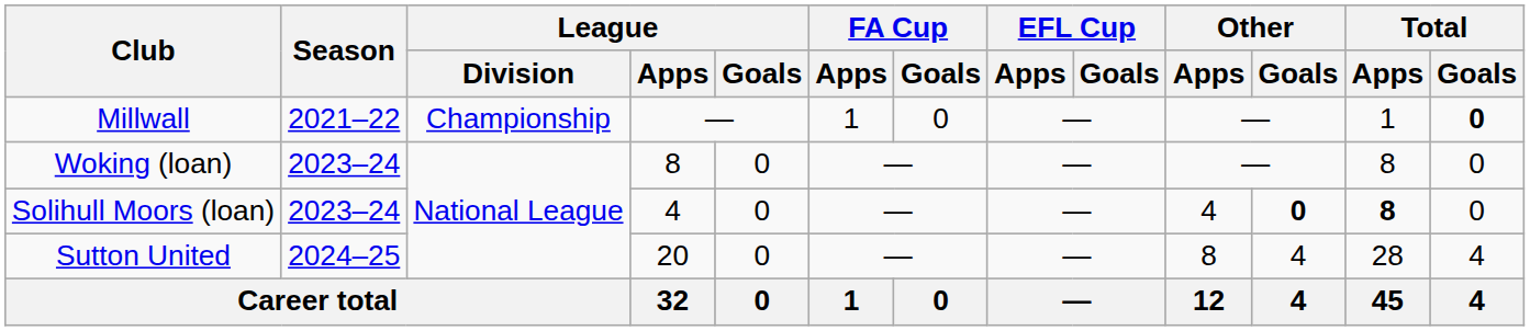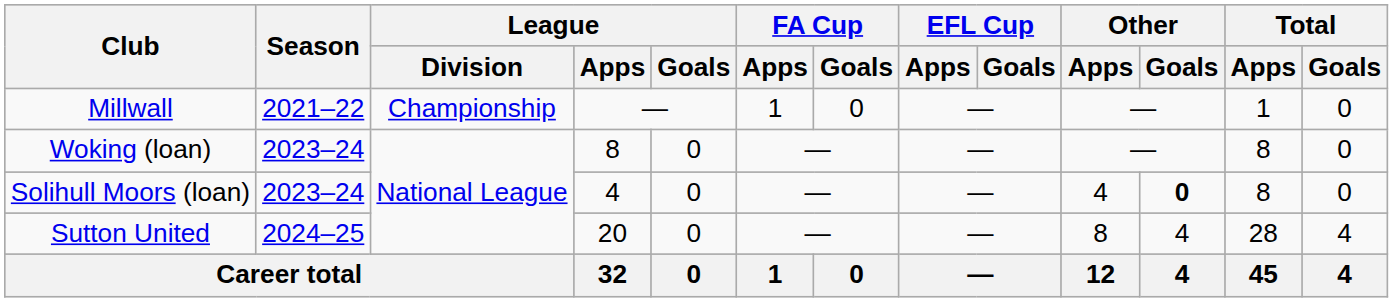 <table class=wikitable style=text-align:center>
 <tr>
 <th rowspan=2>Club</th>
 <th rowspan=2>Season</th>
 <th colspan=3>League</th>
 <th colspan=2><a href='#'>FA Cup</a></th>
 <th colspan=2><a href='#'>EFL Cup</a></th>
 <th colspan=2>Other</th>
 <th colspan=2>Total</th>
 </tr>
 <tr>
 <th>Division</th>
 <th>Apps</th>
 <th>Goals</th>
 <th>Apps</th>
 <th>Goals</th>
 <th>Apps</th>
 <th>Goals</th>
 <th>Apps</th>
 <th>Goals</th>
 <th>Apps</th>
 <th>Goals</th>
 </tr>
 <tr>
 <td><a href='#'>Millwall</a></td>
 <td><a href='#'>2021–22</a></td>
 <td><a href='#'>Championship</a></td>
 <td colspan="2">—</td>
 <td>1</td>
 <td>0</td>
 <td colspan="2">—</td>
 <td colspan="2">—</td>
 <td>1</td>
-<td><strong>0</strong></td>
+<td>0</td>
 </tr>
 <tr>
 <td><a href='#'>Woking</a> (loan)</td>
 <td><a href='#'>2023–24</a></td>
 <td rowspan="3"><a href='#'>National League</a></td>
 <td>8</td>
 <td>0</td>
 <td colspan="2">—</td>
 <td colspan="2">—</td>
 <td colspan="2">—</td>
 <td>8</td>
 <td>0</td>
 </tr>
 <tr>
 <td><a href='#'>Solihull Moors</a> (loan)</td>
 <td><a href='#'>2023–24</a></td>
 <td>4</td>
 <td>0</td>
 <td colspan="2">—</td>
 <td colspan="2">—</td>
 <td>4</td>
 <td><strong>0</strong></td>
-<td><strong>8</strong></td>
+<td>8</td>
 <td>0</td>
 </tr>
 <tr>
 <td><a href='#'>Sutton United</a></td>
 <td><a href='#'>2024–25</a></td>
 <td>20</td>
 <td>0</td>
 <td colspan="2">—</td>
 <td colspan="2">—</td>
 <td>8</td>
 <td>4</td>
 <td>28</td>
 <td>4</td>
 </tr>
 <tr>
 <th colspan=3>Career total</th>
 <th>32</th>
 <th>0</th>
 <th>1</th>
 <th>0</th>
 <th colspan="2">—</th>
 <th>12</th>
 <th>4</th>
 <th>45</th>
 <th>4</th>
 </tr>
 </table>
